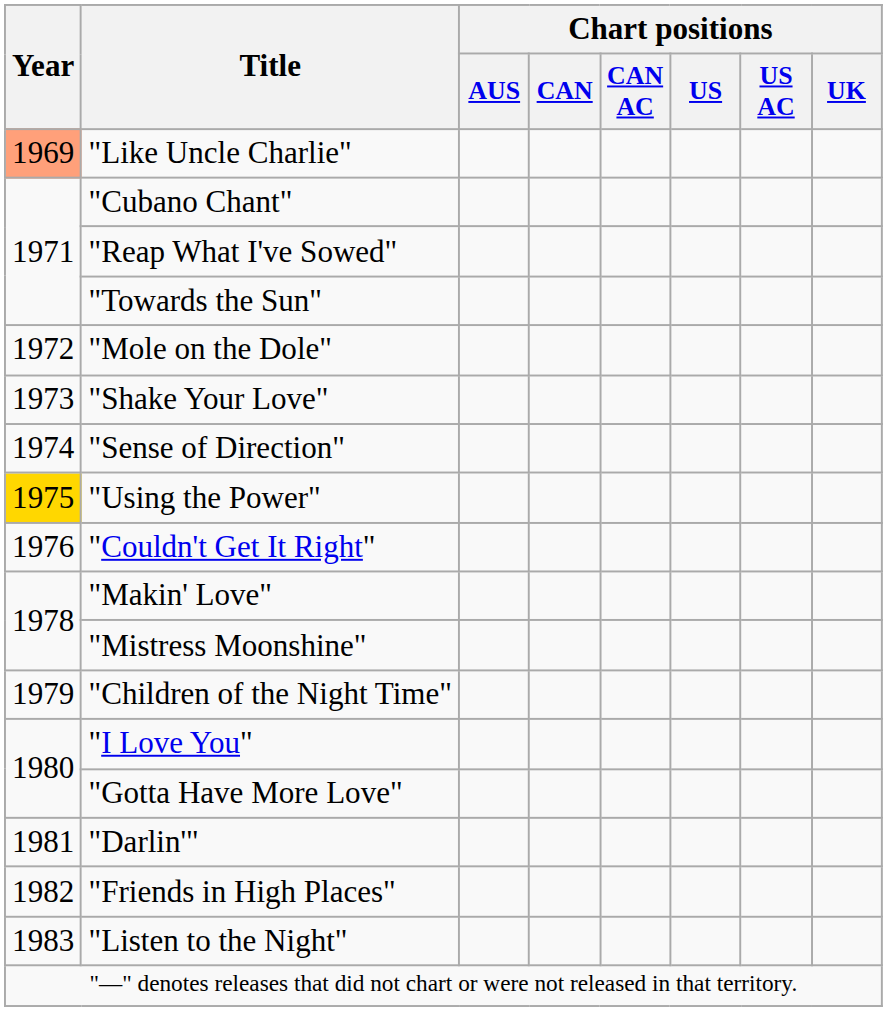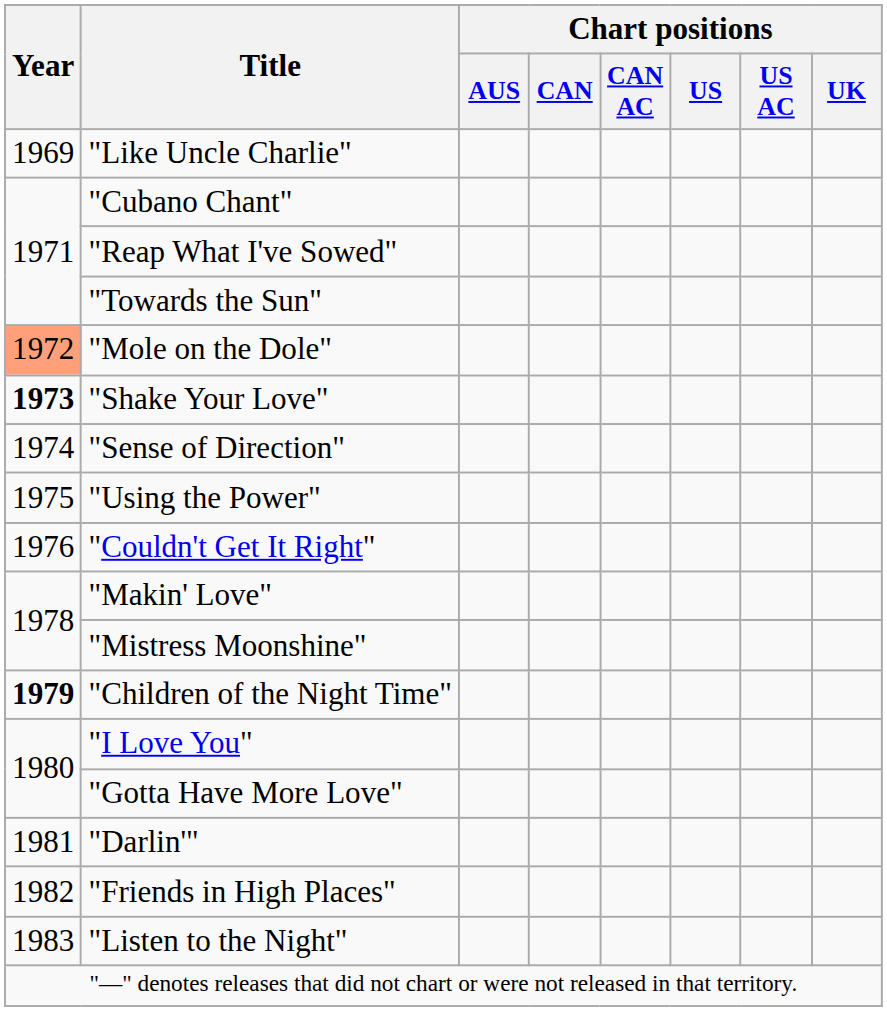 <table class=wikitable>
 <tr>
 <th rowspan="2">Year</th>
 <th rowspan="2">Title</th>
 <th colspan="6">Chart positions</th>
 </tr>
 <tr style="font-size:smaller;">
 <th width="30"><a href='#'>AUS</a><br></th>
 <th width="30"><a href='#'>CAN</a><br></th>
 <th width="30"><a href='#'>CAN AC</a><br></th>
 <th width="30"><a href='#'>US</a><br></th>
 <th width="30"><a href='#'>US<br>AC</a><br></th>
 <th width="30"><a href='#'>UK</a><br></th>
 </tr>
 <tr>
-<td style="background: lightsalmon;">1969</td>
+<td>1969</td>
 <td>"Like Uncle Charlie"</td>
 <td></td>
 <td></td>
 <td></td>
 <td></td>
 <td></td>
 <td></td>
 </tr>
 <tr>
 <td rowspan="3">1971</td>
 <td>"Cubano Chant"</td>
 <td></td>
 <td></td>
 <td></td>
 <td></td>
 <td></td>
 <td></td>
 </tr>
 <tr>
 <td>"Reap What I've Sowed"</td>
 <td></td>
 <td></td>
 <td></td>
 <td></td>
 <td></td>
 <td></td>
 </tr>
 <tr>
 <td>"Towards the Sun"</td>
 <td></td>
 <td></td>
 <td></td>
 <td></td>
 <td></td>
 <td></td>
 </tr>
 <tr>
-<td>1972</td>
+<td style="background: lightsalmon;">1972</td>
 <td>"Mole on the Dole"</td>
 <td></td>
 <td></td>
 <td></td>
 <td></td>
 <td></td>
 <td></td>
 </tr>
 <tr>
-<td>1973</td>
+<td><strong>1973</strong></td>
 <td>"Shake Your Love"</td>
 <td></td>
 <td></td>
 <td></td>
 <td></td>
 <td></td>
 <td></td>
 </tr>
 <tr>
 <td>1974</td>
 <td>"Sense of Direction"</td>
 <td></td>
 <td></td>
 <td></td>
 <td></td>
 <td></td>
 <td></td>
 </tr>
 <tr>
-<td style="background: gold;">1975</td>
+<td>1975</td>
 <td>"Using the Power"</td>
 <td></td>
 <td></td>
 <td></td>
 <td></td>
 <td></td>
 <td></td>
 </tr>
 <tr>
 <td>1976</td>
 <td>"<a href='#'>Couldn't Get It Right</a>"</td>
 <td></td>
 <td></td>
 <td></td>
 <td></td>
 <td></td>
 <td></td>
 </tr>
 <tr>
 <td rowspan="2">1978</td>
 <td>"Makin' Love"</td>
 <td></td>
 <td></td>
 <td></td>
 <td></td>
 <td></td>
 <td></td>
 </tr>
 <tr>
 <td>"Mistress Moonshine"</td>
 <td></td>
 <td></td>
 <td></td>
 <td></td>
 <td></td>
 <td></td>
 </tr>
 <tr>
-<td>1979</td>
+<td><strong>1979</strong></td>
 <td>"Children of the Night Time"</td>
 <td></td>
 <td></td>
 <td></td>
 <td></td>
 <td></td>
 <td></td>
 </tr>
 <tr>
 <td rowspan="2">1980</td>
 <td>"<a href='#'>I Love You</a>"</td>
 <td></td>
 <td></td>
 <td></td>
 <td></td>
 <td></td>
 <td></td>
 </tr>
 <tr>
 <td>"Gotta Have More Love"</td>
 <td></td>
 <td></td>
 <td></td>
 <td></td>
 <td></td>
 <td></td>
 </tr>
 <tr>
 <td>1981</td>
 <td>"Darlin'"</td>
 <td></td>
 <td></td>
 <td></td>
 <td></td>
 <td></td>
 <td></td>
 </tr>
 <tr>
 <td>1982</td>
 <td>"Friends in High Places"</td>
 <td></td>
 <td></td>
 <td></td>
 <td></td>
 <td></td>
 <td></td>
 </tr>
 <tr>
 <td>1983</td>
 <td>"Listen to the Night"</td>
 <td></td>
 <td></td>
 <td></td>
 <td></td>
 <td></td>
 <td></td>
 </tr>
 <tr>
 <td colspan="10" style="text-align:center; font-size:9pt;">"—" denotes releases that did not chart or were not released in that territory.</td>
 </tr>
 </table>
